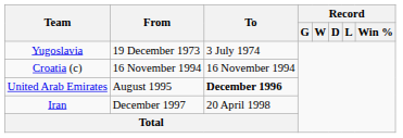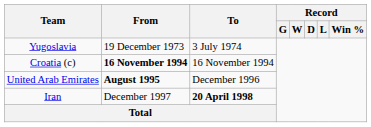 <table class="wikitable" style="text-align: center">
 <tr>
 <th rowspan="2">Team</th>
 <th rowspan="2">From</th>
 <th rowspan="2">To</th>
 <th colspan="5">Record</th>
 </tr>
 <tr>
 <th>G</th>
 <th>W</th>
 <th>D</th>
 <th>L</th>
 <th>Win %</th>
 </tr>
 <tr>
 <td><a href='#'>Yugoslavia</a></td>
 <td align="left">19 December 1973</td>
 <td align="left">3 July 1974<br></td>
 </tr>
 <tr>
 <td><a href='#'>Croatia</a> (c)</td>
-<td align="left">16 November 1994</td>
+<td align="left"><strong>16 November 1994</strong></td>
 <td align="left">16 November 1994<br></td>
 </tr>
 <tr>
 <td><a href='#'>United Arab Emirates</a></td>
-<td align="left">August 1995</td>
-<td align="left"><strong>December 1996<br></strong></td>
+<td align="left"><strong>August 1995</strong></td>
+<td align="left">December 1996<br></td>
 </tr>
 <tr>
 <td><a href='#'>Iran</a></td>
 <td align="left">December 1997</td>
-<td align="left">20 April 1998<br></td>
+<td align="left"><strong>20 April 1998<br></strong></td>
 </tr>
 <tr>
 <th colspan="3">Total<br></th>
 </tr>
 </table>
